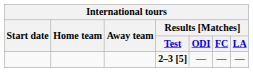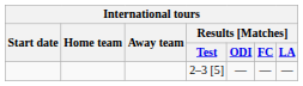 <table class="wikitable">
 <tr>
 <th colspan="7">International tours</th>
 </tr>
 <tr>
 <th rowspan="2">Start date</th>
 <th rowspan="2">Home team</th>
 <th rowspan="2">Away team</th>
 <th colspan="4">Results [Matches]</th>
 </tr>
 <tr>
 <th><a href='#'>Test</a></th>
 <th><a href='#'>ODI</a></th>
 <th><a href='#'>FC</a></th>
 <th><a href='#'>LA</a></th>
 </tr>
 <tr>
 <td><a href='#'></a></td>
 <td></td>
 <td></td>
-<td><strong>2–3 [5]</strong></td>
+<td>2–3 [5]</td>
 <td ; style="text-align:center">—</td>
 <td ; style="text-align:center">—</td>
 <td ; style="text-align:center">—</td>
 </tr>
 </table>
